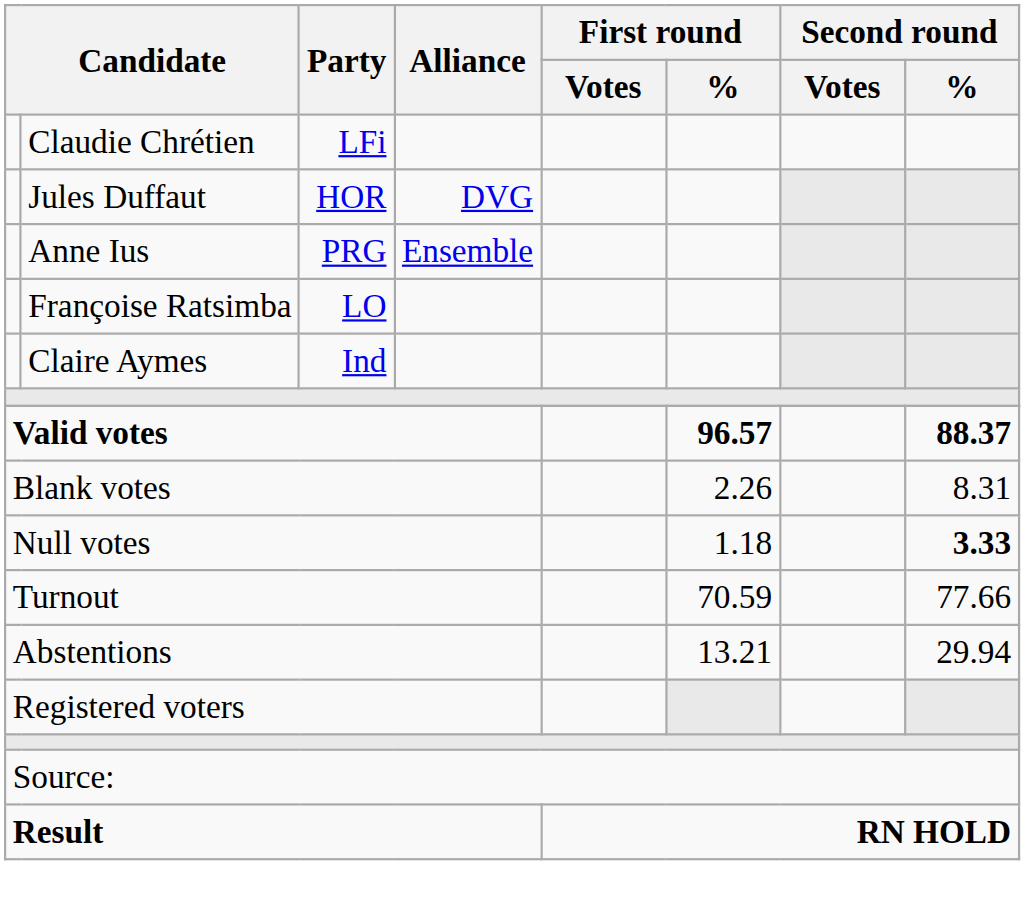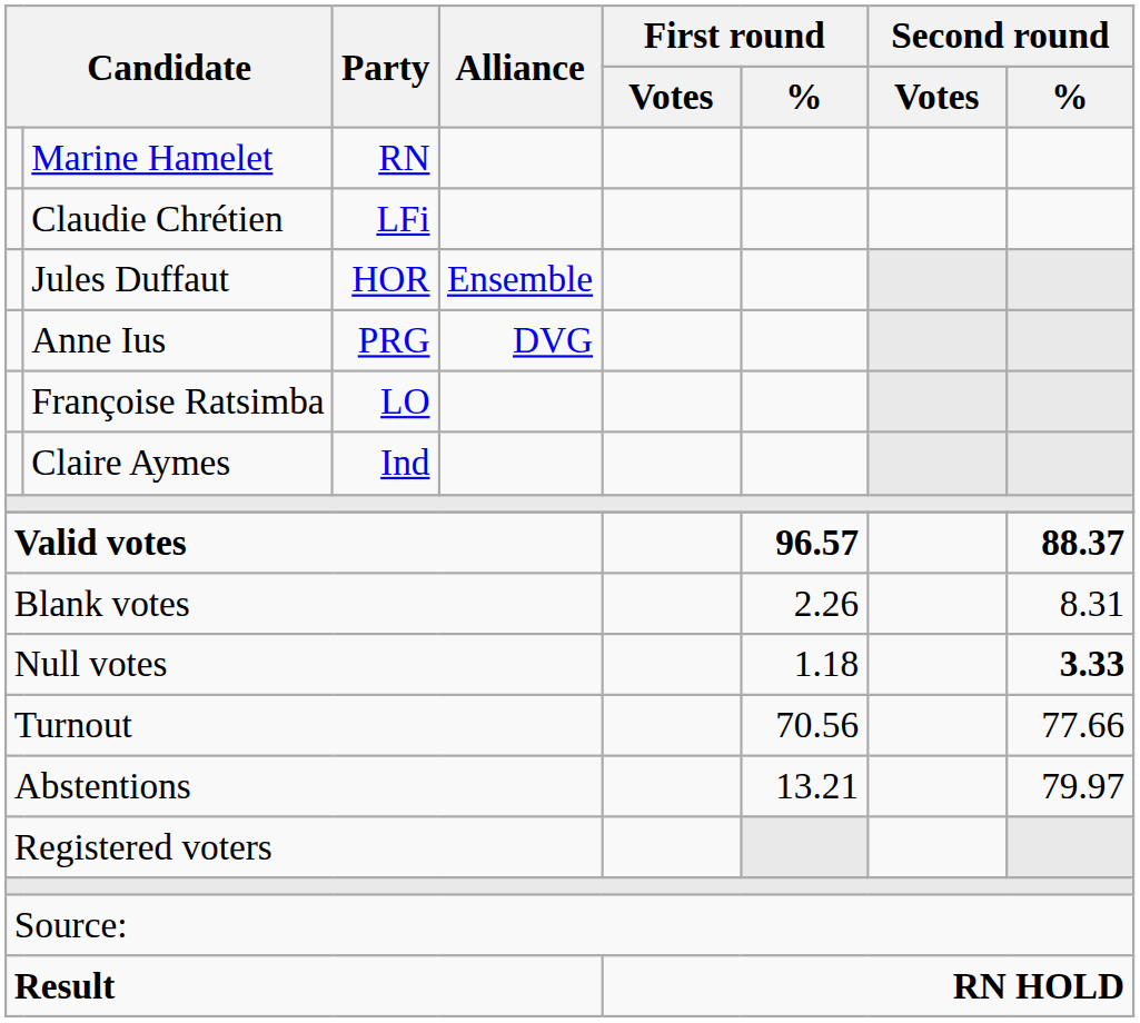 <table class="wikitable" style="text-align:right;font-size:95%;">
 <tr>
 <th colspan="2" rowspan="2">Candidate</th>
 <th colspan="1" rowspan="2">Party</th>
 <th colspan="1" rowspan="2">Alliance</th>
 <th colspan="2">First round</th>
 <th colspan="2">Second round</th>
 </tr>
 <tr>
 <th style="width:50px;">Votes</th>
 <th style="width:45px;">%</th>
 <th style="width:50px;">Votes</th>
 <th style="width:45px;">%</th>
 </tr>
 <tr>
 <td style="color:inherit;background:"></td>
+<td style="text-align:left;"><a href='#'>Marine Hamelet</a></td>
+<td><a href='#'>RN</a></td>
+<td></td>
+<td></td>
+<td></td>
+<td><strong></strong></td>
+<td><strong></strong></td>
+</tr>
+<tr>
+<td style="color:inherit;background:"></td>
 <td style="text-align:left;">Claudie Chrétien</td>
 <td><a href='#'>LFi</a></td>
 <td></td>
 <td></td>
 <td></td>
 <td></td>
 <td></td>
 </tr>
 <tr>
 <td style="color:inherit;background:"></td>
 <td style="text-align:left;">Jules Duffaut</td>
 <td><a href='#'>HOR</a></td>
-<td><a href='#'>DVG</a></td>
+<td><a href='#'>Ensemble</a></td>
 <td></td>
 <td></td>
 <td style="background:#E9E9E9;"></td>
 <td style="background:#E9E9E9;"></td>
 </tr>
 <tr>
 <td style="color:inherit;background:"></td>
 <td style="text-align:left;">Anne Ius</td>
 <td><a href='#'>PRG</a></td>
-<td><a href='#'>Ensemble</a></td>
+<td><a href='#'>DVG</a></td>
 <td></td>
 <td></td>
 <td style="background:#E9E9E9;"></td>
 <td style="background:#E9E9E9;"></td>
 </tr>
 <tr>
 <td style="color:inherit;background:"></td>
 <td style="text-align:left;">Françoise Ratsimba</td>
 <td><a href='#'>LO</a></td>
 <td></td>
 <td></td>
 <td></td>
 <td style="background:#E9E9E9;"></td>
 <td style="background:#E9E9E9;"></td>
 </tr>
 <tr>
 <td style="color:inherit;background:"></td>
 <td style="text-align:left;">Claire Aymes</td>
 <td><a href='#'>Ind</a></td>
 <td></td>
 <td></td>
 <td></td>
 <td style="background:#E9E9E9;"></td>
 <td style="background:#E9E9E9;"></td>
 </tr>
 <tr>
 <td colspan="8" style="background:#E9E9E9;"></td>
 </tr>
 <tr>
 </tr>
 <tr style="font-weight:bold;">
 <td colspan="4" style="text-align:left;">Valid votes</td>
 <td></td>
 <td>96.57</td>
 <td></td>
 <td>88.37</td>
 </tr>
 <tr>
 <td colspan="4" style="text-align:left;">Blank votes</td>
 <td></td>
 <td>2.26</td>
 <td></td>
 <td>8.31</td>
 </tr>
 <tr>
 <td colspan="4" style="text-align:left;">Null votes</td>
 <td></td>
 <td>1.18</td>
 <td></td>
 <td><strong>3.33</strong></td>
 </tr>
 <tr>
 <td colspan="4" style="text-align:left;">Turnout</td>
 <td></td>
-<td>70.59</td>
+<td>70.56</td>
 <td></td>
 <td>77.66</td>
 </tr>
 <tr>
 <td colspan="4" style="text-align:left;">Abstentions</td>
 <td></td>
 <td>13.21</td>
 <td></td>
-<td>29.94</td>
+<td>79.97</td>
 </tr>
 <tr>
 <td colspan="4" style="text-align:left;">Registered voters</td>
 <td></td>
 <td style="background:#E9E9E9;"></td>
 <td></td>
 <td style="background:#E9E9E9;"></td>
 </tr>
 <tr>
 <td colspan="8" style="background:#E9E9E9;"></td>
 </tr>
 <tr>
 <td colspan="8" style="text-align:left;">Source: </td>
 </tr>
 <tr style="font-weight:bold">
 <td colspan="4" style="text-align:left;">Result</td>
 <td colspan="4" style="background-color:">RN HOLD</td>
 </tr>
 </table>
